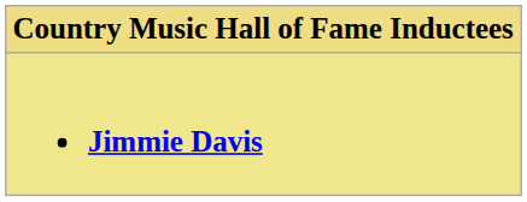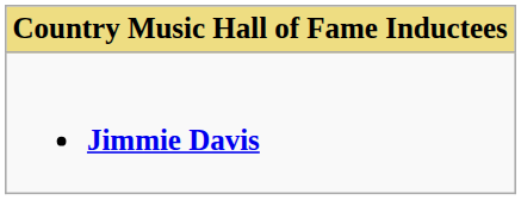 <table class="wikitable">
 <tr>
 <th style="background:#EEDD82; width=50%">Country Music Hall of Fame Inductees</th>
 </tr>
 <tr>
-<td valign="top" style="background: khaki;"><br><ul><li><strong><a href='#'>Jimmie Davis</a></strong></li></ul></td>
+<td valign="top"><br><ul><li><strong><a href='#'>Jimmie Davis</a></strong></li></ul></td>
 </tr>
 </table>
